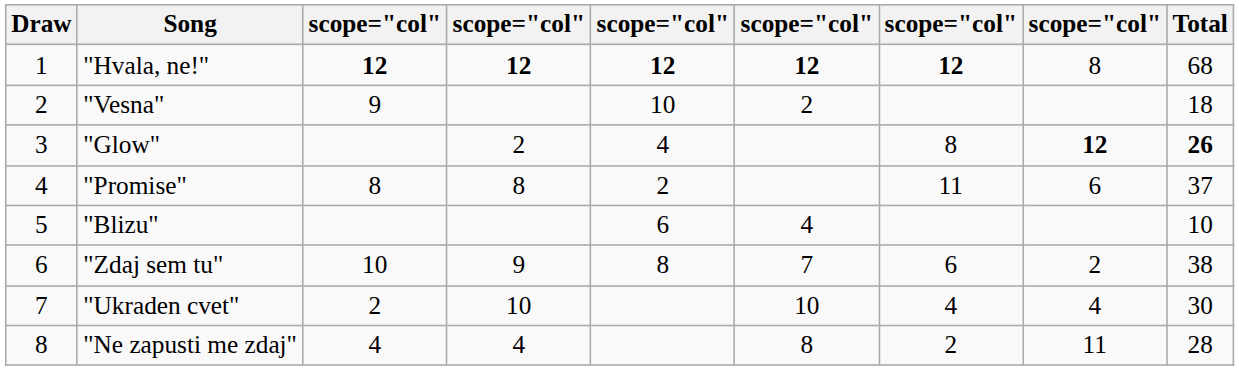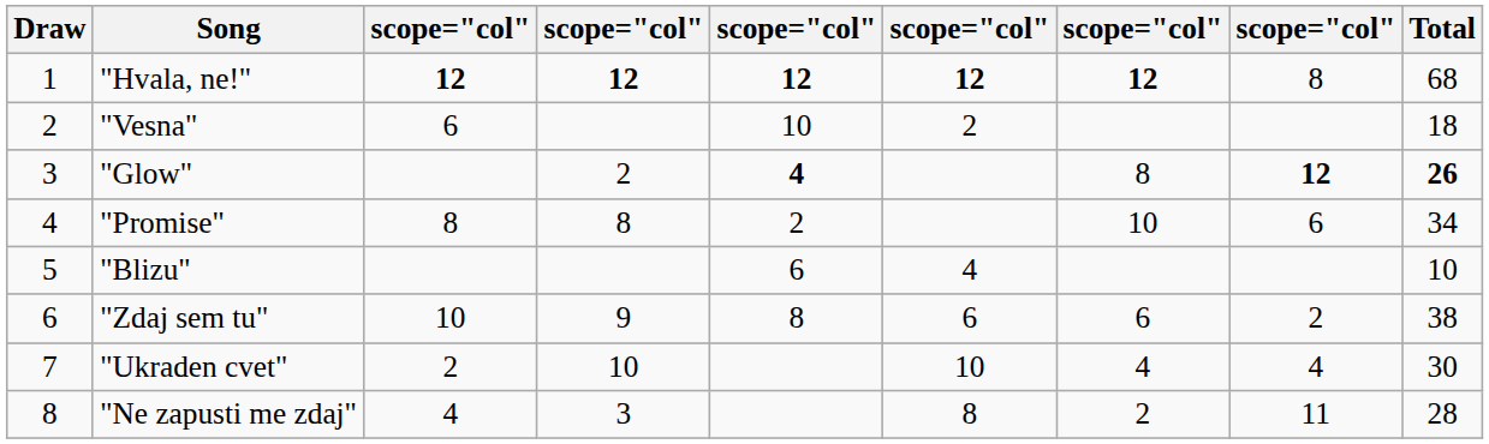 <table class="wikitable collapsible" style="margin: 1em auto 1em auto; text-align:center;">
 <tr>
 <th>Draw</th>
 <th>Song</th>
 <th>scope="col" </th>
 <th>scope="col" </th>
 <th>scope="col" </th>
 <th>scope="col" </th>
 <th>scope="col" </th>
 <th>scope="col" </th>
 <th>Total</th>
 </tr>
 <tr>
 <td>1</td>
 <td align="left">"Hvala, ne!"</td>
 <td><strong>12</strong></td>
 <td><strong>12</strong></td>
 <td><strong>12</strong></td>
 <td><strong>12</strong></td>
 <td><strong>12</strong></td>
 <td>8</td>
 <td>68</td>
 </tr>
 <tr>
 <td>2</td>
 <td align="left">"Vesna"</td>
-<td>9</td>
+<td>6</td>
 <td></td>
 <td>10</td>
 <td>2</td>
 <td></td>
 <td></td>
 <td>18</td>
 </tr>
 <tr>
 <td>3</td>
 <td align="left">"Glow"</td>
 <td></td>
 <td>2</td>
-<td>4</td>
+<td><strong>4</strong></td>
 <td></td>
 <td>8</td>
 <td><strong>12</strong></td>
 <td><strong>26</strong></td>
 </tr>
 <tr>
 <td>4</td>
 <td align="left">"Promise"</td>
 <td>8</td>
 <td>8</td>
 <td>2</td>
 <td></td>
-<td>11</td>
+<td>10</td>
 <td>6</td>
-<td>37</td>
+<td>34</td>
 </tr>
 <tr>
 <td>5</td>
 <td align="left">"Blizu"</td>
 <td></td>
 <td></td>
 <td>6</td>
 <td>4</td>
 <td></td>
 <td></td>
 <td>10</td>
 </tr>
 <tr>
 <td>6</td>
 <td align="left">"Zdaj sem tu"</td>
 <td>10</td>
 <td>9</td>
 <td>8</td>
-<td>7</td>
+<td>6</td>
 <td>6</td>
 <td>2</td>
 <td>38</td>
 </tr>
 <tr>
 <td>7</td>
 <td align="left">"Ukraden cvet"</td>
 <td>2</td>
 <td>10</td>
 <td></td>
 <td>10</td>
 <td>4</td>
 <td>4</td>
 <td>30</td>
 </tr>
 <tr>
 <td>8</td>
 <td align="left">"Ne zapusti me zdaj"</td>
 <td>4</td>
-<td>4</td>
+<td>3</td>
 <td></td>
 <td>8</td>
 <td>2</td>
 <td>11</td>
 <td>28</td>
 </tr>
 </table>
